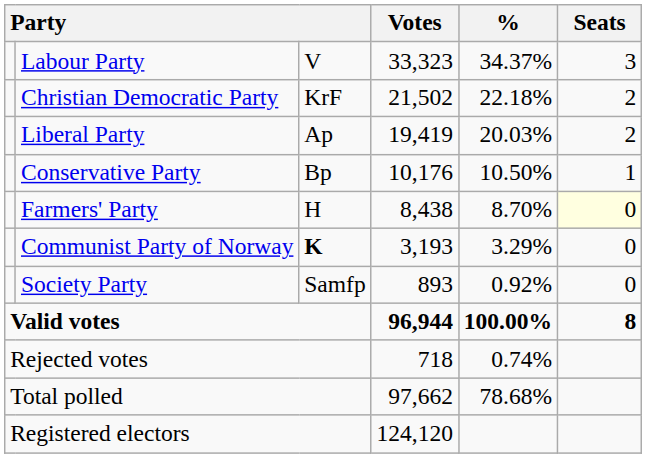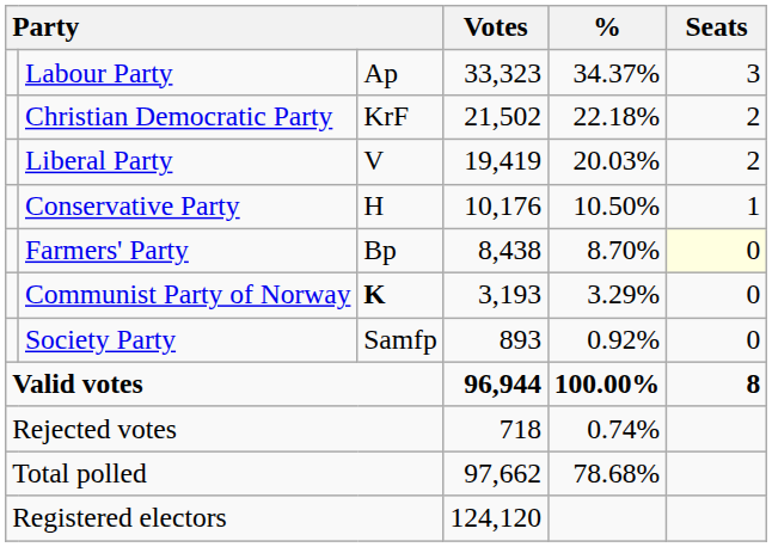 <table class="wikitable" border="1" style="text-align:right;">
 <tr>
 <th style="text-align:left;" colspan=3>Party</th>
 <th align=center width="50">Votes</th>
 <th align=center width="50">%</th>
 <th align=center width="50">Seats</th>
 </tr>
 <tr>
 <td style="color:inherit;background:"></td>
 <td align=left><a href='#'>Labour Party</a></td>
-<td align=left>V</td>
+<td align=left>Ap</td>
 <td>33,323</td>
 <td>34.37%</td>
 <td>3</td>
 </tr>
 <tr>
 <td style="color:inherit;background:"></td>
 <td align=left><a href='#'>Christian Democratic Party</a></td>
 <td align=left>KrF</td>
 <td>21,502</td>
 <td>22.18%</td>
 <td>2</td>
 </tr>
 <tr>
 <td style="color:inherit;background:"></td>
 <td align=left><a href='#'>Liberal Party</a></td>
-<td align=left>Ap</td>
+<td align=left>V</td>
 <td>19,419</td>
 <td>20.03%</td>
 <td>2</td>
 </tr>
 <tr>
 <td style="color:inherit;background:"></td>
 <td align=left><a href='#'>Conservative Party</a></td>
-<td align=left>Bp</td>
+<td align=left>H</td>
 <td>10,176</td>
 <td>10.50%</td>
 <td>1</td>
 </tr>
 <tr>
 <td style="color:inherit;background:"></td>
 <td align=left><a href='#'>Farmers' Party</a></td>
-<td align=left>H</td>
+<td align=left>Bp</td>
 <td>8,438</td>
 <td>8.70%</td>
 <td style="background: lightyellow;">0</td>
 </tr>
 <tr>
 <td style="color:inherit;background:"></td>
 <td align=left><a href='#'>Communist Party of Norway</a></td>
 <td align=left><strong>K</strong></td>
 <td>3,193</td>
 <td>3.29%</td>
 <td>0</td>
 </tr>
 <tr>
 <td></td>
 <td align=left><a href='#'>Society Party</a></td>
 <td align=left>Samfp</td>
 <td>893</td>
 <td>0.92%</td>
 <td>0</td>
 </tr>
 <tr style="font-weight:bold">
 <td align=left colspan=3>Valid votes</td>
 <td>96,944</td>
 <td>100.00%</td>
 <td>8</td>
 </tr>
 <tr>
 <td align=left colspan=3>Rejected votes</td>
 <td>718</td>
 <td>0.74%</td>
 <td></td>
 </tr>
 <tr>
 <td align=left colspan=3>Total polled</td>
 <td>97,662</td>
 <td>78.68%</td>
 <td></td>
 </tr>
 <tr>
 <td align=left colspan=3>Registered electors</td>
 <td>124,120</td>
 <td></td>
 <td></td>
 </tr>
 </table>
